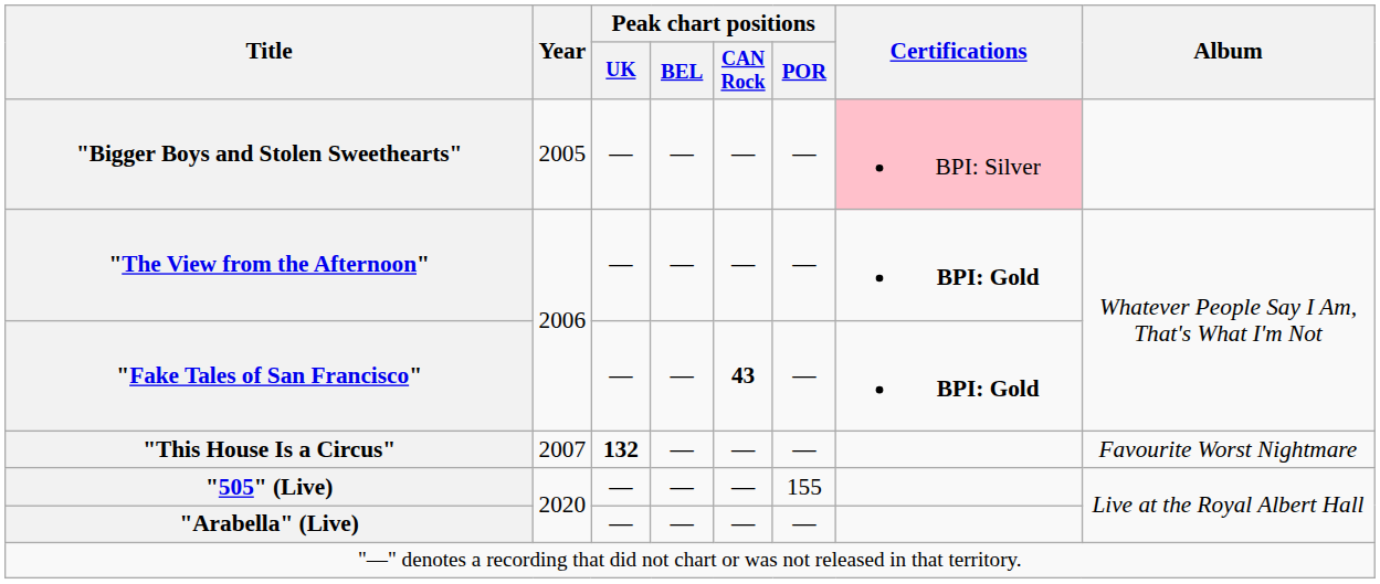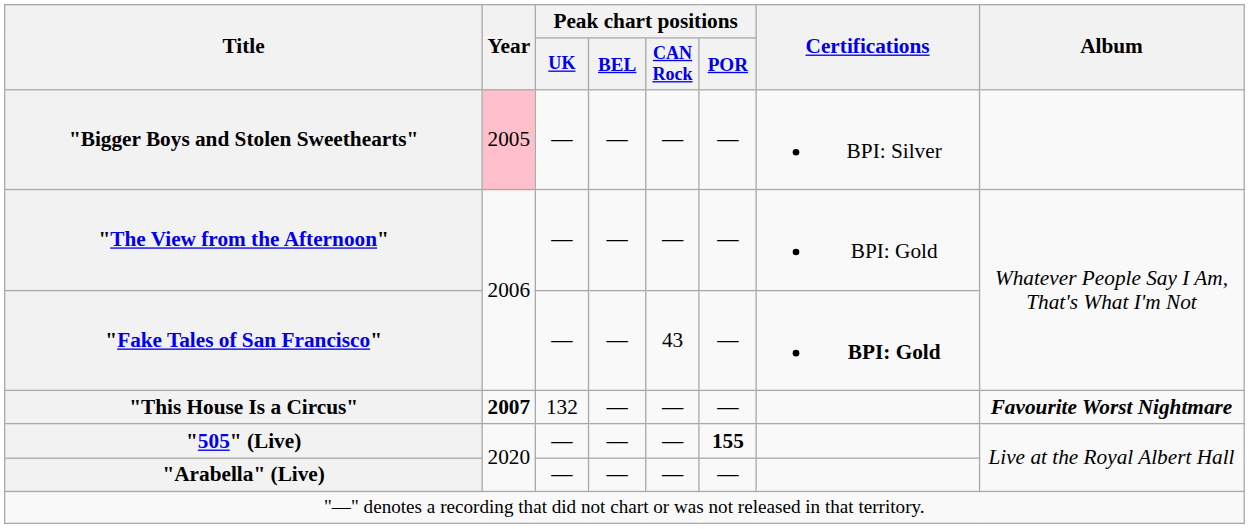 <table class="wikitable plainrowheaders" style="text-align:center;">
 <tr>
 <th scope="col" rowspan="2" style="width:22em;">Title</th>
 <th scope="col" rowspan="2" style="width:2em;">Year</th>
 <th scope="col" colspan="4">Peak chart positions</th>
 <th scope="col" rowspan="2" style="width:10em;"><a href='#'>Certifications</a></th>
 <th scope="col" rowspan="2" style="width:12em;">Album</th>
 </tr>
 <tr>
 <th scope="col" style="width:2.5em; font-size:85%;"><a href='#'>UK</a><br></th>
 <th scope="col" style="width:2.5em; font-size:90%;"><a href='#'>BEL</a><br></th>
 <th scope="col" style="width:2.5em; font-size:85%;"><a href='#'>CAN<br>Rock</a><br></th>
 <th scope="col" style="width:2.5em; font-size:90%;"><a href='#'>POR</a><br></th>
 </tr>
 <tr>
 <th scope="row">"Bigger Boys and Stolen Sweethearts"</th>
-<td>2005</td>
+<td style="background: pink;">2005</td>
 <td>—</td>
 <td>—</td>
 <td>—</td>
 <td>—</td>
-<td style="background: pink;"><br><ul><li>BPI: Silver</li></ul></td>
+<td><br><ul><li>BPI: Silver</li></ul></td>
 <td></td>
 </tr>
 <tr>
 <th scope="row">"<a href='#'>The View from the Afternoon</a>"</th>
 <td rowspan="2">2006</td>
 <td>—</td>
 <td>—</td>
 <td>—</td>
 <td>—</td>
-<td><strong><br><ul><li>BPI: Gold</li></ul></strong></td>
+<td><br><ul><li>BPI: Gold</li></ul></td>
 <td rowspan="2"><em>Whatever People Say I Am, That's What I'm Not</em></td>
 </tr>
 <tr>
 <th scope="row">"<a href='#'>Fake Tales of San Francisco</a>"</th>
 <td>—</td>
 <td>—</td>
-<td><strong>43</strong></td>
+<td>43</td>
 <td>—</td>
 <td><strong><br><ul><li>BPI: Gold</li></ul></strong></td>
 </tr>
 <tr>
 <th scope="row">"This House Is a Circus"</th>
-<td>2007</td>
-<td><strong>132</strong></td>
+<td><strong>2007</strong></td>
+<td>132</td>
 <td>—</td>
 <td>—</td>
 <td>—</td>
 <td></td>
-<td><em>Favourite Worst Nightmare</em></td>
+<td><strong><em>Favourite Worst Nightmare</em></strong></td>
 </tr>
 <tr>
 <th scope="row">"<a href='#'>505</a>" (Live)</th>
 <td rowspan="2">2020</td>
 <td>—</td>
 <td>—</td>
 <td>—</td>
-<td>155</td>
+<td><strong>155</strong></td>
 <td></td>
 <td rowspan="2"><em>Live at the Royal Albert Hall</em></td>
 </tr>
 <tr>
 <th scope="row">"Arabella" (Live)</th>
 <td>—</td>
 <td>—</td>
 <td>—</td>
 <td>—</td>
 <td></td>
 </tr>
 <tr>
 <td colspan="17" style="font-size:90%">"—" denotes a recording that did not chart or was not released in that territory.</td>
 </tr>
 </table>
